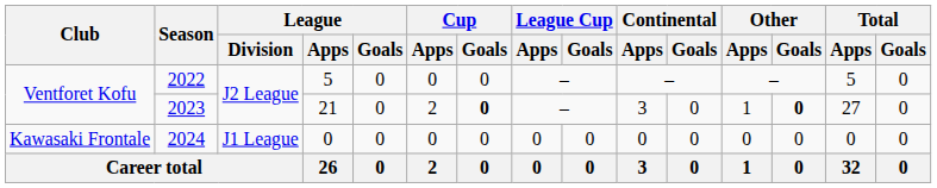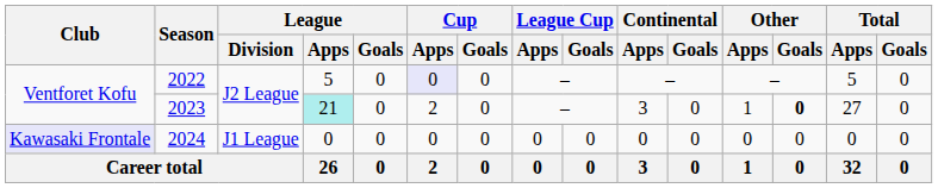 <table class="wikitable" style="text-align: center">
 <tr>
 <th rowspan="2">Club</th>
 <th rowspan="2">Season</th>
 <th colspan="3">League</th>
 <th colspan="2"><a href='#'>Cup</a></th>
 <th colspan="2"><a href='#'>League Cup</a></th>
 <th colspan="2">Continental</th>
 <th colspan="2">Other</th>
 <th colspan="2">Total</th>
 </tr>
 <tr>
 <th>Division</th>
 <th>Apps</th>
 <th>Goals</th>
 <th>Apps</th>
 <th>Goals</th>
 <th>Apps</th>
 <th>Goals</th>
 <th>Apps</th>
 <th>Goals</th>
 <th>Apps</th>
 <th>Goals</th>
 <th>Apps</th>
 <th>Goals</th>
 </tr>
 <tr>
 <td rowspan="2"><a href='#'>Ventforet Kofu</a></td>
 <td><a href='#'>2022</a></td>
 <td rowspan="2"><a href='#'>J2 League</a></td>
 <td>5</td>
 <td>0</td>
-<td>0</td>
+<td style="background: lavender;">0</td>
 <td>0</td>
 <td colspan="2">–</td>
 <td colspan="2">–</td>
 <td colspan="2">–</td>
 <td>5</td>
 <td>0</td>
 </tr>
 <tr>
 <td><a href='#'>2023</a></td>
-<td>21</td>
+<td style="background: paleturquoise;">21</td>
 <td>0</td>
 <td>2</td>
-<td><strong>0</strong></td>
+<td>0</td>
 <td colspan="2">–</td>
 <td>3</td>
 <td>0</td>
 <td>1</td>
 <td><strong>0</strong></td>
 <td>27</td>
 <td>0</td>
 </tr>
 <tr>
-<td><a href='#'>Kawasaki Frontale</a></td>
+<td style="background: lavender;"><a href='#'>Kawasaki Frontale</a></td>
 <td><a href='#'>2024</a></td>
 <td><a href='#'>J1 League</a></td>
 <td>0</td>
 <td>0</td>
 <td>0</td>
 <td>0</td>
 <td>0</td>
 <td>0</td>
 <td>0</td>
 <td>0</td>
 <td>0</td>
 <td>0</td>
 <td>0</td>
 <td>0</td>
 </tr>
 <tr>
 <th colspan=3>Career total</th>
 <th>26</th>
 <th>0</th>
 <th>2</th>
 <th>0</th>
 <th>0</th>
 <th>0</th>
 <th>3</th>
 <th>0</th>
 <th>1</th>
 <th>0</th>
 <th>32</th>
 <th>0</th>
 </tr>
 </table>
